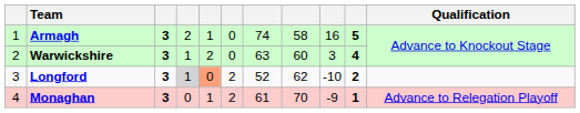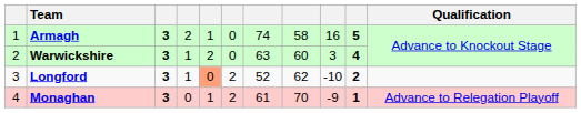 <table class="wikitable" style="text-align:center">
 <tr>
 <th width=20></th>
 <th width=150 style="text-align:left;">Team</th>
 <th width=20></th>
 <th width=20></th>
 <th width=20></th>
 <th width=20></th>
 <th width=40></th>
 <th width=40></th>
 <th width=20></th>
 <th width=20></th>
 <th width=250>Qualification</th>
 </tr>
 <tr style="background:#ccffcc">
 <td>1</td>
 <td align=left><strong> <a href='#'>Armagh</a></strong></td>
 <td><strong>3</strong></td>
 <td>2</td>
 <td>1</td>
 <td>0</td>
 <td>74</td>
 <td>58</td>
 <td>16</td>
 <td><strong>5</strong></td>
 <td rowspan="2"><a href='#'>Advance to Knockout Stage</a></td>
 </tr>
 <tr style="background:#ccffcc">
 <td>2</td>
 <td align=left><strong> Warwickshire</strong></td>
 <td><strong>3</strong></td>
 <td>1</td>
 <td>2</td>
 <td>0</td>
 <td>63</td>
 <td>60</td>
 <td>3</td>
 <td><strong>4</strong></td>
 </tr>
 <tr>
 <td>3</td>
 <td align=left><strong> <a href='#'>Longford</a></strong></td>
 <td><strong>3</strong></td>
-<td style="background: lightgrey;">1</td>
+<td>1</td>
 <td style="background: lightsalmon;">0</td>
 <td>2</td>
 <td>52</td>
 <td>62</td>
 <td>-10</td>
 <td><strong>2</strong></td>
 <td></td>
 </tr>
 <tr style="background:#ffcccc">
 <td>4</td>
 <td align=left><strong> <a href='#'>Monaghan</a></strong></td>
 <td><strong>3</strong></td>
 <td>0</td>
 <td>1</td>
 <td>2</td>
 <td>61</td>
 <td>70</td>
 <td>-9</td>
 <td><strong>1</strong></td>
 <td><a href='#'>Advance to Relegation Playoff</a></td>
 </tr>
 </table>
